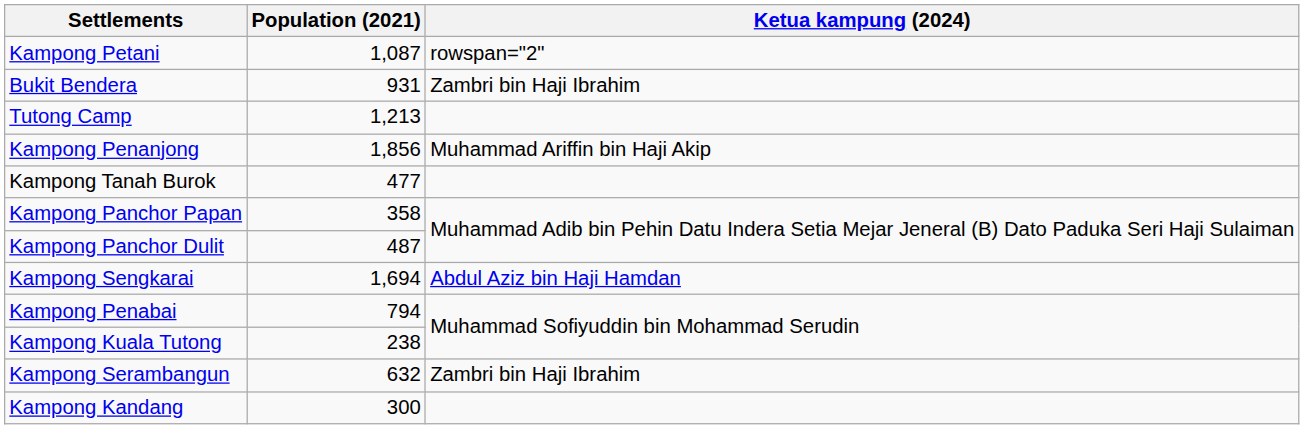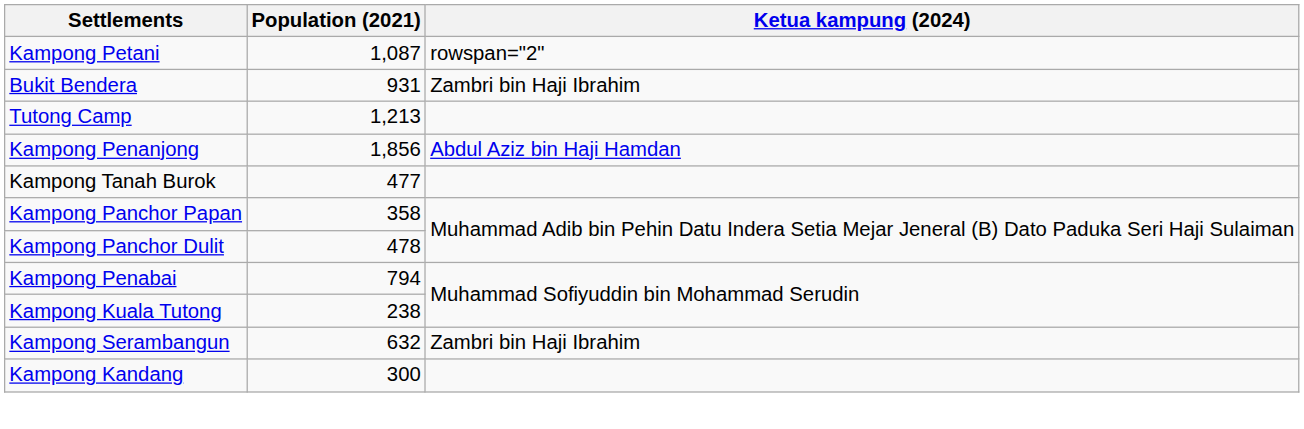 <table class="wikitable">
 <tr>
 <th>Settlements</th>
 <th>Population (2021)</th>
 <th><a href='#'>Ketua kampung</a> (2024)</th>
 </tr>
 <tr>
 <td><a href='#'>Kampong Petani</a></td>
 <td align="right">1,087</td>
 <td>rowspan="2" </td>
 </tr>
 <tr>
 <td><a href='#'>Bukit Bendera</a></td>
 <td align="right">931</td>
 <td>Zambri bin Haji Ibrahim</td>
 </tr>
 <tr>
 <td><a href='#'>Tutong Camp</a></td>
 <td align="right">1,213</td>
 </tr>
 <tr>
 <td><a href='#'>Kampong Penanjong</a></td>
 <td align="right">1,856</td>
-<td>Muhammad Ariffin bin Haji Akip</td>
+<td><a href='#'>Abdul Aziz bin Haji Hamdan</a></td>
 </tr>
 <tr>
 <td>Kampong Tanah Burok</td>
 <td align="right">477</td>
 <td></td>
 </tr>
 <tr>
 <td><a href='#'>Kampong Panchor Papan</a></td>
 <td align="right">358</td>
 <td rowspan="2">Muhammad Adib bin Pehin Datu Indera Setia Mejar Jeneral (B) Dato Paduka Seri Haji Sulaiman</td>
 </tr>
 <tr>
 <td><a href='#'>Kampong Panchor Dulit</a></td>
-<td align="right">487</td>
-</tr>
-<tr>
-<td><a href='#'>Kampong Sengkarai</a></td>
-<td align="right">1,694</td>
-<td><a href='#'>Abdul Aziz bin Haji Hamdan</a></td>
+<td align="right">478</td>
 </tr>
 <tr>
 <td><a href='#'>Kampong Penabai</a></td>
 <td align="right">794</td>
 <td rowspan="2">Muhammad Sofiyuddin bin Mohammad Serudin</td>
 </tr>
 <tr>
 <td><a href='#'>Kampong Kuala Tutong</a></td>
 <td align="right">238</td>
 </tr>
 <tr>
 <td><a href='#'>Kampong Serambangun</a></td>
 <td align="right">632</td>
 <td>Zambri bin Haji Ibrahim</td>
 </tr>
 <tr>
 <td><a href='#'>Kampong Kandang</a></td>
 <td align="right">300</td>
 </tr>
 </table>
